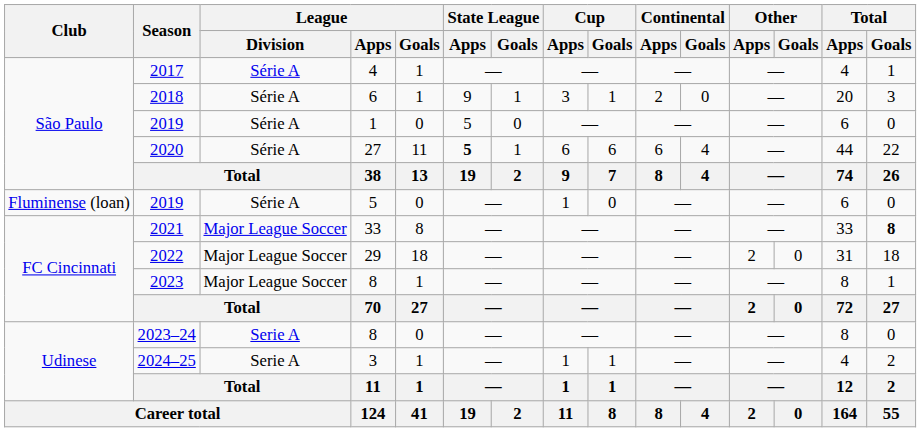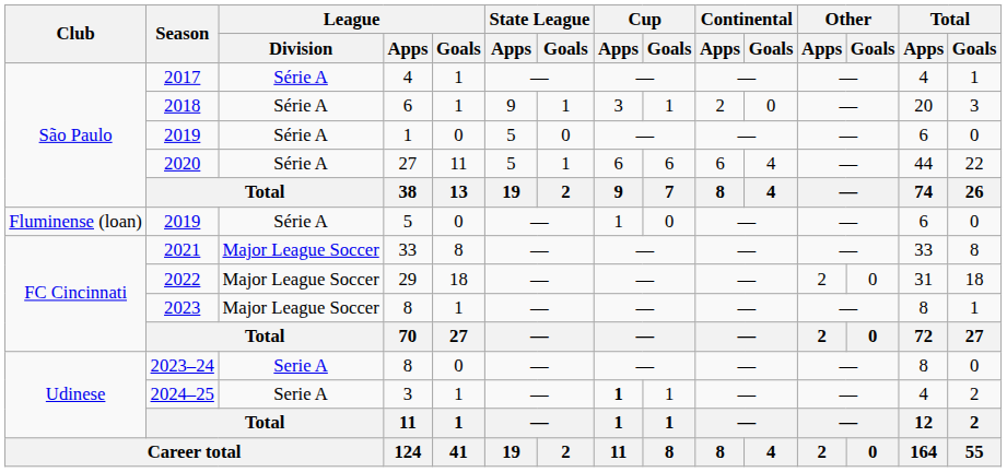 <table class=wikitable style=text-align:center>
 <tr>
 <th rowspan="2">Club</th>
 <th rowspan="2">Season</th>
 <th colspan="3">League</th>
 <th colspan="2">State League</th>
 <th colspan="2">Cup</th>
 <th colspan="2">Continental</th>
 <th colspan="2">Other</th>
 <th colspan="2">Total</th>
 </tr>
 <tr>
 <th>Division</th>
 <th>Apps</th>
 <th>Goals</th>
 <th>Apps</th>
 <th>Goals</th>
 <th>Apps</th>
 <th>Goals</th>
 <th>Apps</th>
 <th>Goals</th>
 <th>Apps</th>
 <th>Goals</th>
 <th>Apps</th>
 <th>Goals</th>
 </tr>
 <tr>
 <td rowspan=5><a href='#'>São Paulo</a></td>
 <td><a href='#'>2017</a></td>
 <td><a href='#'>Série A</a></td>
 <td>4</td>
 <td>1</td>
 <td colspan="2">—</td>
 <td colspan="2">—</td>
 <td colspan="2">—</td>
 <td colspan="2">—</td>
 <td>4</td>
 <td>1</td>
 </tr>
 <tr>
 <td><a href='#'>2018</a></td>
 <td>Série A</td>
 <td>6</td>
 <td>1</td>
 <td>9</td>
 <td>1</td>
 <td>3</td>
 <td>1</td>
 <td>2</td>
 <td>0</td>
 <td colspan="2">—</td>
 <td>20</td>
 <td>3</td>
 </tr>
 <tr>
 <td><a href='#'>2019</a></td>
 <td>Série A</td>
 <td>1</td>
 <td>0</td>
 <td>5</td>
 <td>0</td>
 <td colspan="2">—</td>
 <td colspan="2">—</td>
 <td colspan="2">—</td>
 <td>6</td>
 <td>0</td>
 </tr>
 <tr>
 <td><a href='#'>2020</a></td>
 <td>Série A</td>
 <td>27</td>
 <td>11</td>
-<td><strong>5</strong></td>
+<td>5</td>
 <td>1</td>
 <td>6</td>
 <td>6</td>
 <td>6</td>
 <td>4</td>
 <td colspan="2">—</td>
 <td>44</td>
 <td>22</td>
 </tr>
 <tr>
 <th colspan=2>Total</th>
 <th>38</th>
 <th>13</th>
 <th>19</th>
 <th>2</th>
 <th>9</th>
 <th>7</th>
 <th>8</th>
 <th>4</th>
 <th colspan="2">—</th>
 <th>74</th>
 <th>26</th>
 </tr>
 <tr>
 <td><a href='#'>Fluminense</a> (loan)</td>
 <td><a href='#'>2019</a></td>
 <td>Série A</td>
 <td>5</td>
 <td>0</td>
 <td colspan="2">—</td>
 <td>1</td>
 <td>0</td>
 <td colspan="2">—</td>
 <td colspan="2">—</td>
 <td>6</td>
 <td>0</td>
 </tr>
 <tr>
 <td rowspan="4"><a href='#'>FC Cincinnati</a></td>
 <td><a href='#'>2021</a></td>
 <td><a href='#'>Major League Soccer</a></td>
 <td>33</td>
 <td>8</td>
 <td colspan="2">—</td>
 <td colspan="2">—</td>
 <td colspan="2">—</td>
 <td colspan="2">—</td>
 <td>33</td>
-<td><strong>8</strong></td>
+<td>8</td>
 </tr>
 <tr>
 <td><a href='#'>2022</a></td>
 <td>Major League Soccer</td>
 <td>29</td>
 <td>18</td>
 <td colspan="2">—</td>
 <td colspan="2">—</td>
 <td colspan="2">—</td>
 <td>2</td>
 <td>0</td>
 <td>31</td>
 <td>18</td>
 </tr>
 <tr>
 <td><a href='#'>2023</a></td>
 <td>Major League Soccer</td>
 <td>8</td>
 <td>1</td>
 <td colspan="2">—</td>
 <td colspan="2">—</td>
 <td colspan="2">—</td>
 <td colspan="2">—</td>
 <td>8</td>
 <td>1</td>
 </tr>
 <tr>
 <th colspan="2">Total</th>
 <th>70</th>
 <th>27</th>
 <th colspan="2">—</th>
 <th colspan="2">—</th>
 <th colspan="2">—</th>
 <th>2</th>
 <th>0</th>
 <th>72</th>
 <th>27</th>
 </tr>
 <tr>
 <td rowspan="3"><a href='#'>Udinese</a></td>
 <td><a href='#'>2023–24</a></td>
 <td><a href='#'>Serie A</a></td>
 <td>8</td>
 <td>0</td>
 <td colspan="2">—</td>
 <td colspan="2">—</td>
 <td colspan="2">—</td>
 <td colspan="2">—</td>
 <td>8</td>
 <td>0</td>
 </tr>
 <tr>
 <td><a href='#'>2024–25</a></td>
 <td>Serie A</td>
 <td>3</td>
 <td>1</td>
 <td colspan="2">—</td>
-<td>1</td>
+<td><strong>1</strong></td>
 <td>1</td>
 <td colspan=2>—</td>
 <td colspan="2">—</td>
 <td>4</td>
 <td>2</td>
 </tr>
 <tr>
 <th colspan=2>Total</th>
 <th>11</th>
 <th>1</th>
 <th colspan="2">—</th>
 <th>1</th>
 <th>1</th>
 <th colspan="2">—</th>
 <th colspan="2">—</th>
 <th>12</th>
 <th>2</th>
 </tr>
 <tr>
 <th colspan="3">Career total</th>
 <th>124</th>
 <th>41</th>
 <th>19</th>
 <th>2</th>
 <th>11</th>
 <th>8</th>
 <th>8</th>
 <th>4</th>
 <th>2</th>
 <th>0</th>
 <th>164</th>
 <th>55</th>
 </tr>
 </table>
